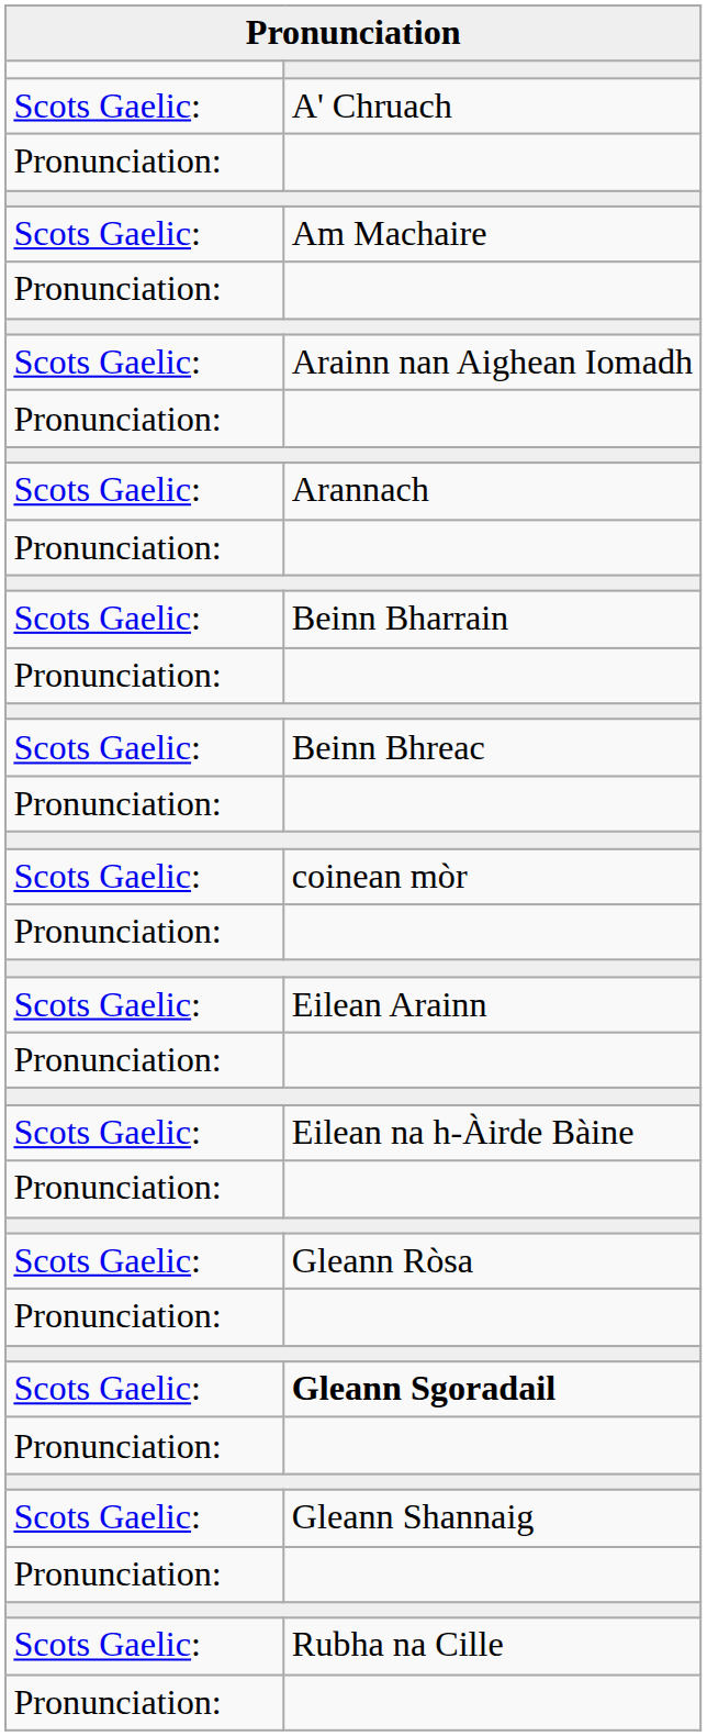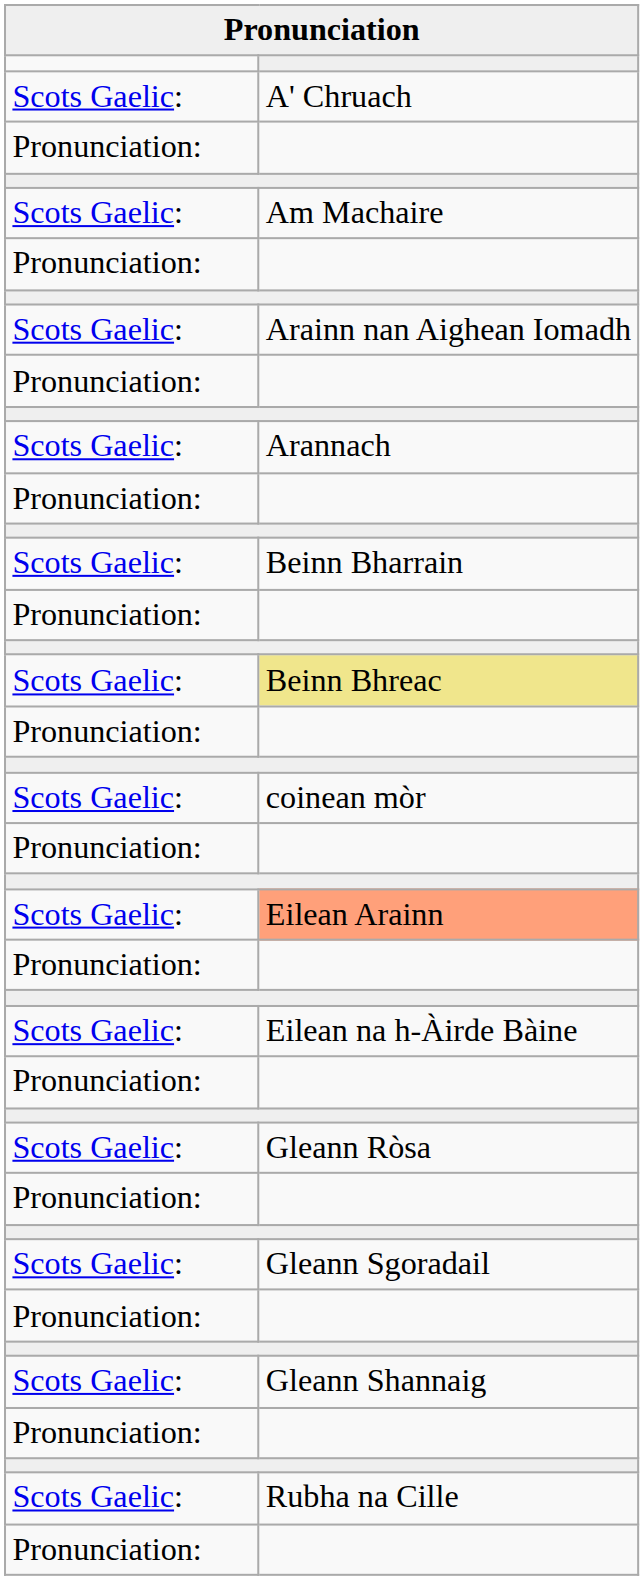 <table class="wikitable collapsible collapsed">
 <tr>
 <th colspan="2" style="background:#efefef;">Pronunciation</th>
 </tr>
 <tr style="vertical-align: top;">
 <td style="width: 40%;"></td>
 <th colspan="2" style="background:#efefef;"></th>
 </tr>
 <tr>
 <td><a href='#'>Scots Gaelic</a>:</td>
 <td>A' Chruach</td>
 </tr>
 <tr>
 <td>Pronunciation:</td>
 <td></td>
 </tr>
 <tr>
 <th colspan="2" style="background:#efefef;"></th>
 </tr>
 <tr>
 <td><a href='#'>Scots Gaelic</a>:</td>
 <td>Am Machaire</td>
 </tr>
 <tr>
 <td>Pronunciation:</td>
 <td></td>
 </tr>
 <tr>
 <th colspan="2" style="background:#efefef;"></th>
 </tr>
 <tr>
 <td><a href='#'>Scots Gaelic</a>:</td>
 <td>Arainn nan Aighean Iomadh</td>
 </tr>
 <tr>
 <td>Pronunciation:</td>
 <td></td>
 </tr>
 <tr>
 <th colspan="2" style="background:#efefef;"></th>
 </tr>
 <tr>
 <td><a href='#'>Scots Gaelic</a>:</td>
 <td>Arannach</td>
 </tr>
 <tr>
 <td>Pronunciation:</td>
 <td></td>
 </tr>
 <tr>
 <th colspan="2" style="background:#efefef;"></th>
 </tr>
 <tr>
 <td><a href='#'>Scots Gaelic</a>:</td>
 <td>Beinn Bharrain</td>
 </tr>
 <tr>
 <td>Pronunciation:</td>
 <td></td>
 </tr>
 <tr>
 <th colspan="2" style="background:#efefef;"></th>
 </tr>
 <tr>
 <td><a href='#'>Scots Gaelic</a>:</td>
-<td>Beinn Bhreac</td>
+<td style="background: khaki;">Beinn Bhreac</td>
 </tr>
 <tr>
 <td>Pronunciation:</td>
 <td></td>
 </tr>
 <tr>
 <th colspan="2" style="background:#efefef;"></th>
 </tr>
 <tr>
 <td><a href='#'>Scots Gaelic</a>:</td>
 <td>coinean mòr</td>
 </tr>
 <tr>
 <td>Pronunciation:</td>
 <td></td>
 </tr>
 <tr>
 <th colspan="2" style="background:#efefef;"></th>
 </tr>
 <tr>
 <td><a href='#'>Scots Gaelic</a>:</td>
-<td>Eilean Arainn</td>
+<td style="background: lightsalmon;">Eilean Arainn</td>
 </tr>
 <tr>
 <td>Pronunciation:</td>
 <td></td>
 </tr>
 <tr>
 <th colspan="2" style="background:#efefef;"></th>
 </tr>
 <tr>
 <td><a href='#'>Scots Gaelic</a>:</td>
 <td>Eilean na h-Àirde Bàine</td>
 </tr>
 <tr>
 <td>Pronunciation:</td>
 <td></td>
 </tr>
 <tr>
 <th colspan="2" style="background:#efefef;"></th>
 </tr>
 <tr>
 <td><a href='#'>Scots Gaelic</a>:</td>
 <td>Gleann Ròsa</td>
 </tr>
 <tr>
 <td>Pronunciation:</td>
 <td></td>
 </tr>
 <tr>
 <th colspan="2" style="background:#efefef;"></th>
 </tr>
 <tr>
 <td><a href='#'>Scots Gaelic</a>:</td>
-<td><strong>Gleann Sgoradail</strong></td>
+<td>Gleann Sgoradail</td>
 </tr>
 <tr>
 <td>Pronunciation:</td>
 <td></td>
 </tr>
 <tr>
 <th colspan="2" style="background:#efefef;"></th>
 </tr>
 <tr>
 <td><a href='#'>Scots Gaelic</a>:</td>
 <td>Gleann Shannaig</td>
 </tr>
 <tr>
 <td>Pronunciation:</td>
 <td></td>
 </tr>
 <tr>
 <th colspan="2" style="background:#efefef;"></th>
 </tr>
 <tr>
 <td><a href='#'>Scots Gaelic</a>:</td>
 <td>Rubha na Cille</td>
 </tr>
 <tr>
 <td>Pronunciation:</td>
 <td></td>
 </tr>
 </table>
